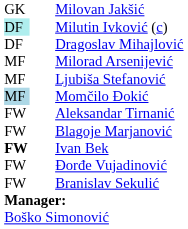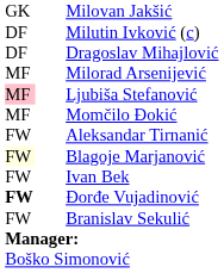 <table style="font-size:90%; margin:0.2em auto;" cellspacing="0" cellpadding="0">
 <tr>
 <th width="25"></th>
 <th width="25"></th>
 </tr>
 <tr>
 <td>GK</td>
 <td></td>
 <td><a href='#'>Milovan Jakšić</a></td>
 </tr>
 <tr>
-<td style="background: paleturquoise;">DF</td>
+<td>DF</td>
 <td></td>
 <td><a href='#'>Milutin Ivković</a> (<a href='#'>c</a>)</td>
 </tr>
 <tr>
 <td>DF</td>
 <td></td>
 <td><a href='#'>Dragoslav Mihajlović</a></td>
 </tr>
 <tr>
 <td>MF</td>
 <td></td>
 <td><a href='#'>Milorad Arsenijević</a></td>
 </tr>
 <tr>
-<td>MF</td>
+<td style="background: pink;">MF</td>
 <td></td>
 <td><a href='#'>Ljubiša Stefanović</a></td>
 </tr>
 <tr>
-<td style="background: lightblue;">MF</td>
+<td>MF</td>
 <td></td>
 <td><a href='#'>Momčilo Đokić</a></td>
 </tr>
 <tr>
 <td>FW</td>
 <td></td>
 <td><a href='#'>Aleksandar Tirnanić</a></td>
 </tr>
 <tr>
-<td>FW</td>
+<td style="background: lightyellow;">FW</td>
 <td></td>
 <td><a href='#'>Blagoje Marjanović</a></td>
 </tr>
 <tr>
-<td><strong>FW</strong></td>
+<td>FW</td>
 <td></td>
 <td><a href='#'>Ivan Bek</a></td>
 </tr>
 <tr>
-<td>FW</td>
+<td><strong>FW</strong></td>
 <td></td>
 <td><a href='#'>Đorđe Vujadinović</a></td>
 </tr>
 <tr>
 <td>FW</td>
 <td></td>
 <td><a href='#'>Branislav Sekulić</a></td>
 </tr>
 <tr>
 <td colspan=3><strong>Manager:</strong></td>
 </tr>
 <tr>
 <td colspan=4><a href='#'>Boško Simonović</a></td>
 </tr>
 </table>
